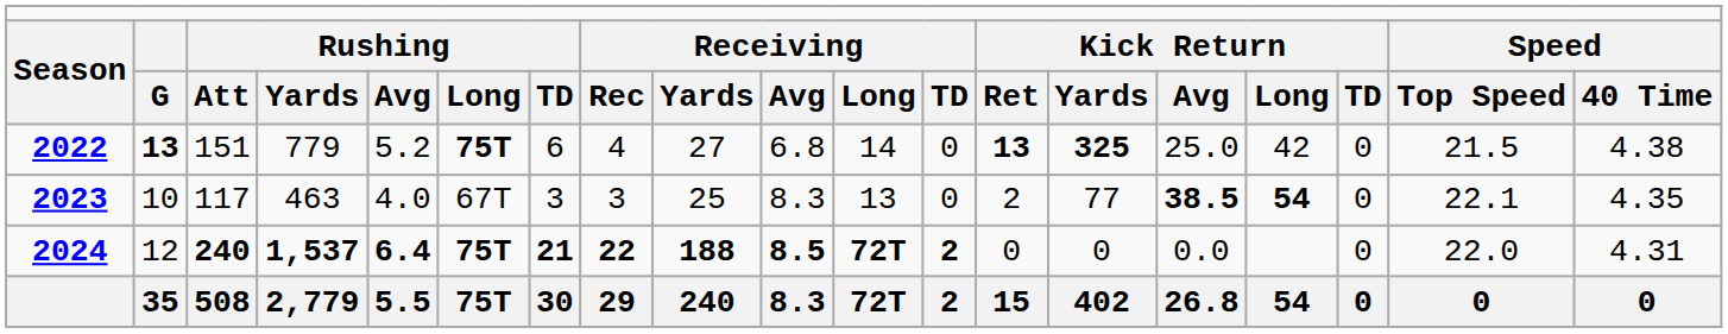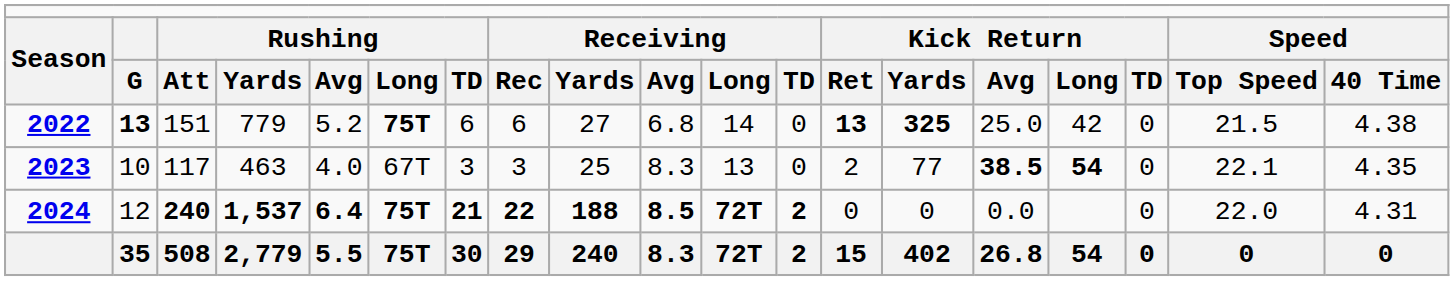 <table class=wikitable style="text-align:center;">
 <tr>
 </tr>
 <tr>
 <td ! colspan="23"></td>
 </tr>
 <tr>
 <th rowspan=2>Season</th>
 <th rowspan=1> </th>
 <th colspan=5>Rushing</th>
 <th colspan=5>Receiving</th>
 <th colspan=5>Kick Return</th>
 <th colspan=5>Speed</th>
 </tr>
 <tr>
 <th>G</th>
 <th>Att</th>
 <th>Yards</th>
 <th>Avg</th>
 <th>Long</th>
 <th>TD</th>
 <th>Rec</th>
 <th>Yards</th>
 <th>Avg</th>
 <th>Long</th>
 <th>TD</th>
 <th>Ret</th>
 <th>Yards</th>
 <th>Avg</th>
 <th>Long</th>
 <th>TD</th>
 <th>Top Speed</th>
 <th>40 Time</th>
 </tr>
 <tr>
 <td><strong><a href='#'>2022</a></strong></td>
 <td><strong>13</strong></td>
 <td>151</td>
 <td>779</td>
 <td>5.2</td>
 <td><strong>75T</strong></td>
 <td>6</td>
-<td>4</td>
+<td>6</td>
 <td>27</td>
 <td>6.8</td>
 <td>14</td>
 <td>0</td>
 <td><strong>13</strong></td>
 <td><strong>325</strong></td>
 <td>25.0</td>
 <td>42</td>
 <td>0</td>
 <td>21.5</td>
 <td>4.38</td>
 </tr>
 <tr>
 <td><strong><a href='#'>2023</a></strong></td>
 <td>10</td>
 <td>117</td>
 <td>463</td>
 <td>4.0</td>
 <td>67T</td>
 <td>3</td>
 <td>3</td>
 <td>25</td>
 <td>8.3</td>
 <td>13</td>
 <td>0</td>
 <td>2</td>
 <td>77</td>
 <td><strong>38.5</strong></td>
 <td><strong>54</strong></td>
 <td>0</td>
 <td>22.1</td>
 <td>4.35</td>
 </tr>
 <tr>
 <td><strong><a href='#'>2024</a></strong></td>
 <td>12</td>
 <td><strong>240</strong></td>
 <td><strong>1,537</strong></td>
 <td><strong>6.4</strong></td>
 <td><strong>75T</strong></td>
 <td><strong>21</strong></td>
 <td><strong>22</strong></td>
 <td><strong>188</strong></td>
 <td><strong>8.5</strong></td>
 <td><strong>72T</strong></td>
 <td><strong>2</strong></td>
 <td>0</td>
 <td>0</td>
 <td>0.0</td>
 <td></td>
 <td>0</td>
 <td>22.0</td>
 <td>4.31</td>
 </tr>
 <tr>
 <th></th>
 <th>35</th>
 <th>508</th>
 <th>2,779</th>
 <th>5.5</th>
 <th>75T</th>
 <th>30</th>
 <th>29</th>
 <th>240</th>
 <th>8.3</th>
 <th>72T</th>
 <th>2</th>
 <th>15</th>
 <th>402</th>
 <th>26.8</th>
 <th>54</th>
 <th>0</th>
 <th>0</th>
 <th>0</th>
 </tr>
 </table>
